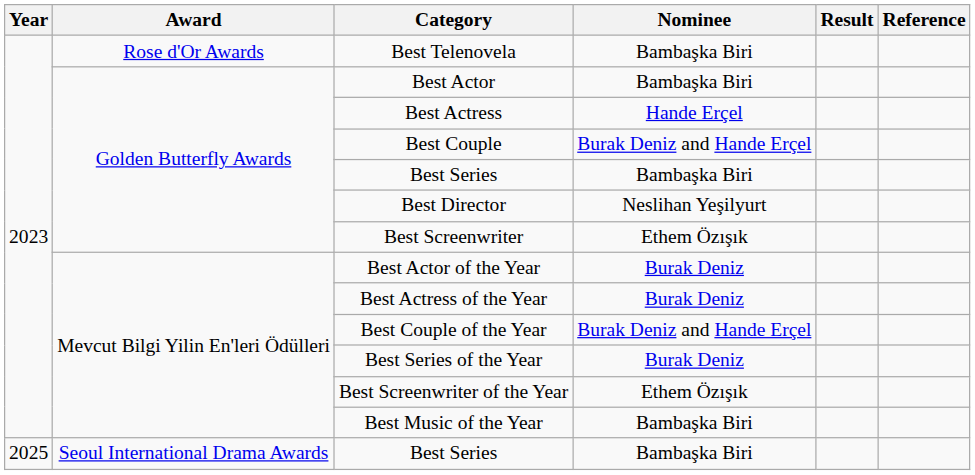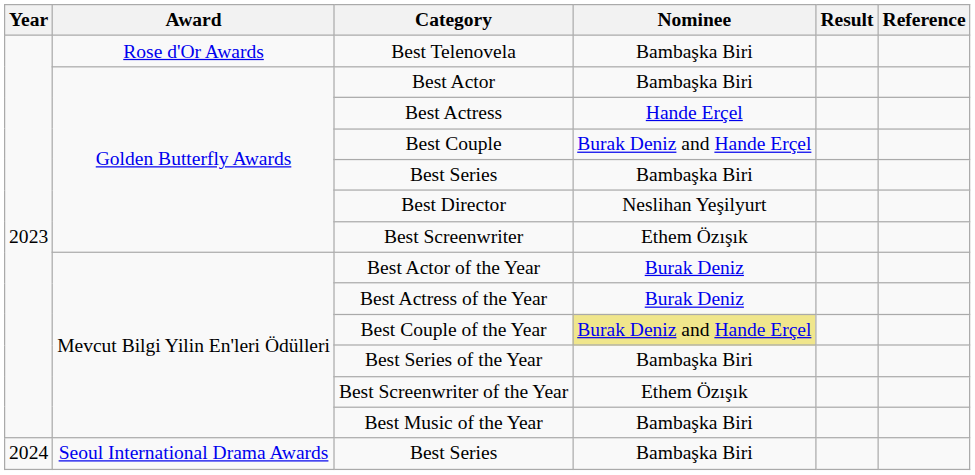 <table class="wikitable" style="text-align:center;">
 <tr>
 <th>Year</th>
 <th>Award</th>
 <th>Category</th>
 <th>Nominee</th>
 <th>Result</th>
 <th>Reference</th>
 </tr>
 <tr>
 <td rowspan=13>2023</td>
 <td><a href='#'>Rose d'Or Awards</a></td>
 <td>Best Telenovela</td>
 <td>Bambaşka Biri</td>
 <td></td>
 <td></td>
 </tr>
 <tr>
 <td rowspan=6><a href='#'>Golden Butterfly Awards</a></td>
 <td>Best Actor</td>
 <td>Bambaşka Biri</td>
 <td></td>
 <td></td>
 </tr>
 <tr>
 <td>Best Actress</td>
 <td><a href='#'>Hande Erçel</a></td>
 <td></td>
 <td></td>
 </tr>
 <tr>
 <td>Best Couple</td>
 <td><a href='#'>Burak Deniz</a> and <a href='#'>Hande Erçel</a></td>
 <td></td>
 <td></td>
 </tr>
 <tr>
 <td>Best Series</td>
 <td>Bambaşka Biri</td>
 <td></td>
 <td></td>
 </tr>
 <tr>
 <td>Best Director</td>
 <td>Neslihan Yeşilyurt</td>
 <td></td>
 <td></td>
 </tr>
 <tr>
 <td>Best Screenwriter</td>
 <td>Ethem Özışık</td>
 <td></td>
 <td></td>
 </tr>
 <tr>
 <td rowspan=6>Mevcut Bilgi Yilin En'leri Ödülleri</td>
 <td>Best Actor of the Year</td>
 <td><a href='#'>Burak Deniz</a></td>
 <td></td>
 <td></td>
 </tr>
 <tr>
 <td>Best Actress of the Year</td>
 <td><a href='#'>Burak Deniz</a></td>
 <td></td>
 <td></td>
 </tr>
 <tr>
 <td>Best Couple of the Year</td>
-<td><a href='#'>Burak Deniz</a> and <a href='#'>Hande Erçel</a></td>
+<td style="background: khaki;"><a href='#'>Burak Deniz</a> and <a href='#'>Hande Erçel</a></td>
 <td></td>
 <td></td>
 </tr>
 <tr>
 <td>Best Series of the Year</td>
-<td><a href='#'>Burak Deniz</a></td>
+<td>Bambaşka Biri</td>
 <td></td>
 <td></td>
 </tr>
 <tr>
 <td>Best Screenwriter of the Year</td>
 <td>Ethem Özışık</td>
 <td></td>
 <td></td>
 </tr>
 <tr>
 <td>Best Music of the Year</td>
 <td>Bambaşka Biri</td>
 <td></td>
 <td></td>
 </tr>
 <tr>
-<td>2025</td>
+<td>2024</td>
 <td><a href='#'>Seoul International Drama Awards</a></td>
 <td>Best Series</td>
 <td>Bambaşka Biri</td>
 <td></td>
 <td></td>
 </tr>
 </table>
